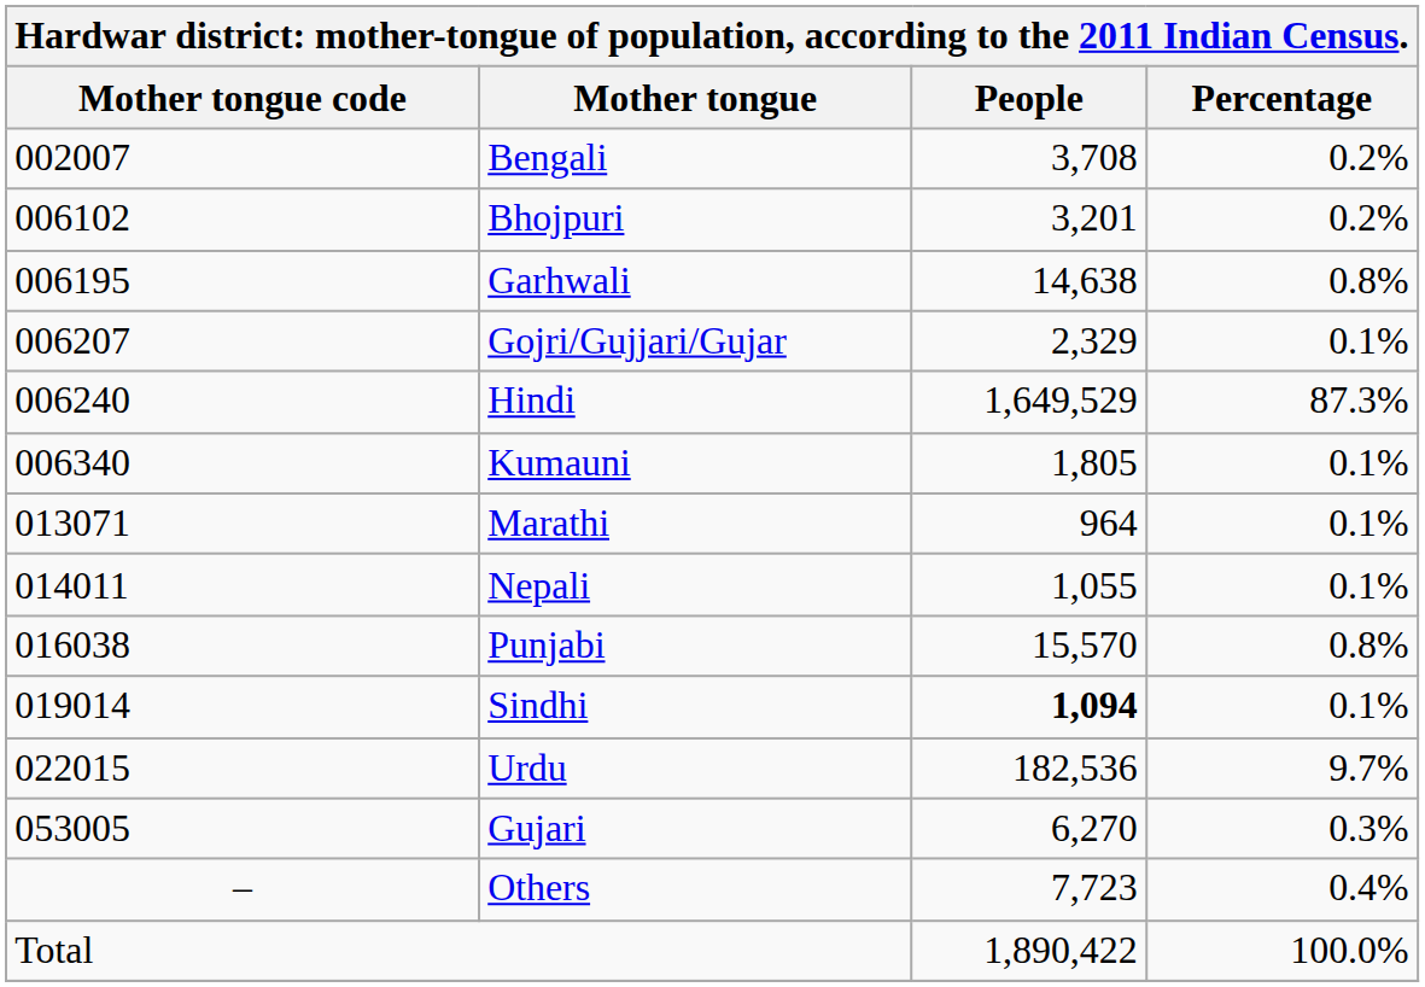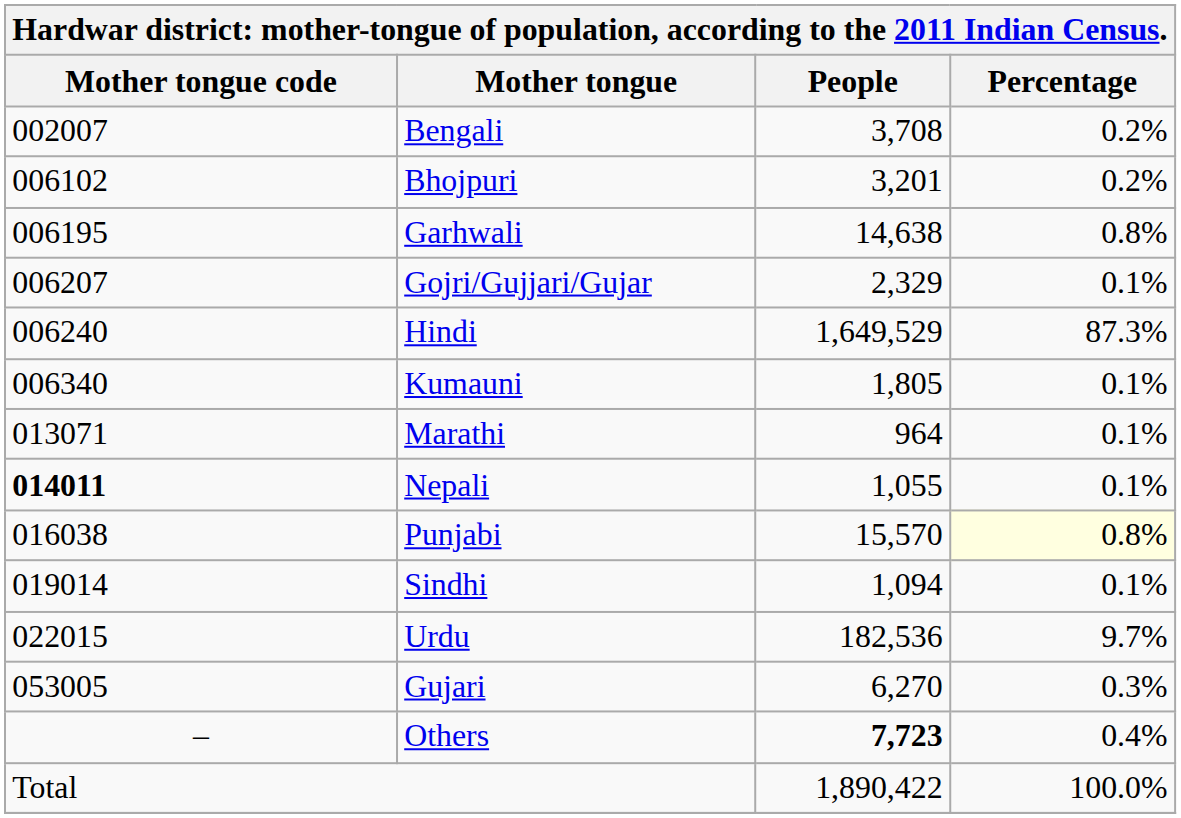 <table class="wikitable sortable mw-collapsible mw-collapsed">
 <tr valign=top>
 <th colspan=4>Hardwar district: mother-tongue of population, according to the <a href='#'>2011 Indian Census</a>.</th>
 </tr>
 <tr valign=top>
 <th>Mother tongue code</th>
 <th>Mother tongue</th>
 <th>People</th>
 <th>Percentage</th>
 </tr>
 <tr valign=top>
 <td>002007</td>
 <td><a href='#'>Bengali</a></td>
 <td align=right>3,708</td>
 <td align=right>0.2%</td>
 </tr>
 <tr valign=top>
 <td>006102</td>
 <td><a href='#'>Bhojpuri</a></td>
 <td align=right>3,201</td>
 <td align=right>0.2%</td>
 </tr>
 <tr valign=top>
 <td>006195</td>
 <td><a href='#'>Garhwali</a></td>
 <td align=right>14,638</td>
 <td align=right>0.8%</td>
 </tr>
 <tr valign=top>
 <td>006207</td>
 <td><a href='#'>Gojri/Gujjari/Gujar</a></td>
 <td align=right>2,329</td>
 <td align=right>0.1%</td>
 </tr>
 <tr valign=top>
 <td>006240</td>
 <td><a href='#'>Hindi</a></td>
 <td align=right>1,649,529</td>
 <td align=right>87.3%</td>
 </tr>
 <tr valign=top>
 <td>006340</td>
 <td><a href='#'>Kumauni</a></td>
 <td align=right>1,805</td>
 <td align=right>0.1%</td>
 </tr>
 <tr valign=top>
 <td>013071</td>
 <td><a href='#'>Marathi</a></td>
 <td align=right>964</td>
 <td align=right>0.1%</td>
 </tr>
 <tr valign=top>
-<td>014011</td>
+<td><strong>014011</strong></td>
 <td><a href='#'>Nepali</a></td>
 <td align=right>1,055</td>
 <td align=right>0.1%</td>
 </tr>
 <tr valign=top>
 <td>016038</td>
 <td><a href='#'>Punjabi</a></td>
 <td align=right>15,570</td>
-<td align=right>0.8%</td>
+<td align=right style="background: lightyellow;">0.8%</td>
 </tr>
 <tr valign=top>
 <td>019014</td>
 <td><a href='#'>Sindhi</a></td>
-<td align=right><strong>1,094</strong></td>
+<td align=right>1,094</td>
 <td align=right>0.1%</td>
 </tr>
 <tr valign=top>
 <td>022015</td>
 <td><a href='#'>Urdu</a></td>
 <td align=right>182,536</td>
 <td align=right>9.7%</td>
 </tr>
 <tr valign=top>
 <td>053005</td>
 <td><a href='#'>Gujari</a></td>
 <td align=right>6,270</td>
 <td align=right>0.3%</td>
 </tr>
 <tr valign=top>
 <td align=center>–</td>
 <td><a href='#'>Others</a></td>
-<td align=right>7,723</td>
+<td align=right><strong>7,723</strong></td>
 <td align=right>0.4%</td>
 </tr>
 <tr valign=top class=sortbottom>
 <td colspan=2>Total</td>
 <td align=right>1,890,422</td>
 <td align=right>100.0%</td>
 </tr>
 <tr>
 </tr>
 </table>
